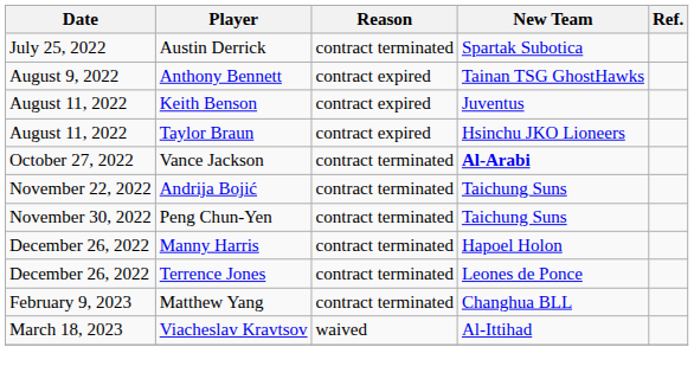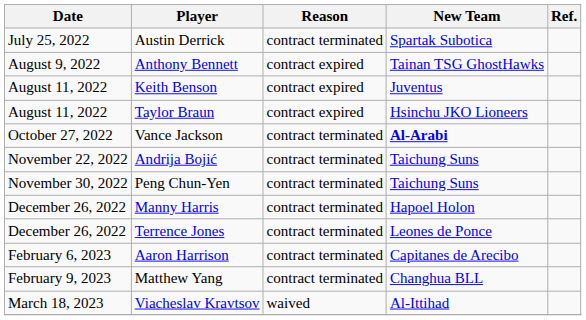 <table class="wikitable">
 <tr>
 <th>Date</th>
 <th>Player</th>
 <th>Reason</th>
 <th>New Team</th>
 <th>Ref.</th>
 </tr>
 <tr>
 <td>July 25, 2022</td>
 <td>Austin Derrick</td>
 <td>contract terminated</td>
 <td><a href='#'>Spartak Subotica</a></td>
 <td></td>
 </tr>
 <tr>
 <td>August 9, 2022</td>
 <td><a href='#'>Anthony Bennett</a></td>
 <td>contract expired</td>
 <td><a href='#'>Tainan TSG GhostHawks</a></td>
 <td></td>
 </tr>
 <tr>
 <td>August 11, 2022</td>
 <td><a href='#'>Keith Benson</a></td>
 <td>contract expired</td>
 <td><a href='#'>Juventus</a></td>
 <td></td>
 </tr>
 <tr>
 <td>August 11, 2022</td>
 <td><a href='#'>Taylor Braun</a></td>
 <td>contract expired</td>
 <td><a href='#'>Hsinchu JKO Lioneers</a></td>
 <td></td>
 </tr>
 <tr>
 <td>October 27, 2022</td>
 <td>Vance Jackson</td>
 <td>contract terminated</td>
 <td><strong><a href='#'>Al-Arabi</a></strong></td>
 <td></td>
 </tr>
 <tr>
 <td>November 22, 2022</td>
 <td><a href='#'>Andrija Bojić</a></td>
 <td>contract terminated</td>
 <td><a href='#'>Taichung Suns</a></td>
 <td></td>
 </tr>
 <tr>
 <td>November 30, 2022</td>
 <td>Peng Chun-Yen</td>
 <td>contract terminated</td>
 <td><a href='#'>Taichung Suns</a></td>
 <td></td>
 </tr>
 <tr>
 <td>December 26, 2022</td>
 <td><a href='#'>Manny Harris</a></td>
 <td>contract terminated</td>
 <td><a href='#'>Hapoel Holon</a></td>
 <td></td>
 </tr>
 <tr>
 <td>December 26, 2022</td>
 <td><a href='#'>Terrence Jones</a></td>
 <td>contract terminated</td>
 <td><a href='#'>Leones de Ponce</a></td>
 <td></td>
 </tr>
 <tr>
+<td>February 6, 2023</td>
+<td><a href='#'>Aaron Harrison</a></td>
+<td>contract terminated</td>
+<td><a href='#'>Capitanes de Arecibo</a></td>
+<td></td>
+</tr>
+<tr>
 <td>February 9, 2023</td>
 <td>Matthew Yang</td>
 <td>contract terminated</td>
 <td><a href='#'>Changhua BLL</a></td>
 <td></td>
 </tr>
 <tr>
 <td>March 18, 2023</td>
 <td><a href='#'>Viacheslav Kravtsov</a></td>
 <td>waived</td>
 <td><a href='#'>Al-Ittihad</a></td>
 <td></td>
 </tr>
 <tr>
 </tr>
 </table>
